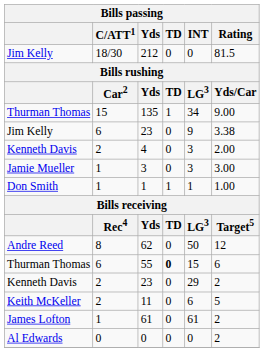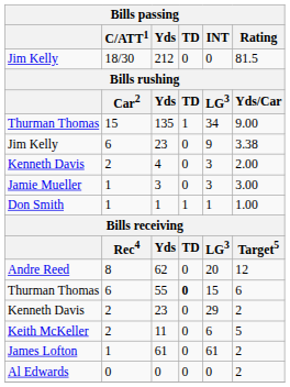 <table class="wikitable">
 <tr>
 <th colspan="6">Bills passing</th>
 </tr>
 <tr>
 <th></th>
 <th>C/ATT<sup>1</sup></th>
 <th>Yds</th>
 <th>TD</th>
 <th>INT</th>
 <th>Rating</th>
 </tr>
 <tr>
 <td><a href='#'>Jim Kelly</a></td>
 <td>18/30</td>
 <td>212</td>
 <td>0</td>
 <td>0</td>
 <td>81.5</td>
 </tr>
 <tr>
 <th colspan="6">Bills rushing</th>
 </tr>
 <tr>
 <th></th>
 <th>Car<sup>2</sup></th>
 <th>Yds</th>
 <th>TD</th>
 <th>LG<sup>3</sup></th>
 <th>Yds/Car</th>
 </tr>
 <tr>
 <td><a href='#'>Thurman Thomas</a></td>
 <td>15</td>
 <td>135</td>
 <td>1</td>
 <td>34</td>
 <td>9.00</td>
 </tr>
 <tr>
 <td>Jim Kelly</td>
 <td>6</td>
 <td>23</td>
 <td>0</td>
 <td>9</td>
 <td>3.38</td>
 </tr>
 <tr>
 <td><a href='#'>Kenneth Davis</a></td>
 <td>2</td>
 <td>4</td>
 <td>0</td>
 <td>3</td>
 <td>2.00</td>
 </tr>
 <tr>
 <td><a href='#'>Jamie Mueller</a></td>
 <td>1</td>
 <td>3</td>
 <td>0</td>
 <td>3</td>
 <td>3.00</td>
 </tr>
 <tr>
 <td><a href='#'>Don Smith</a></td>
 <td>1</td>
 <td>1</td>
 <td>1</td>
 <td>1</td>
 <td>1.00</td>
 </tr>
 <tr>
 <th colspan="6">Bills receiving</th>
 </tr>
 <tr>
 <th></th>
 <th>Rec<sup>4</sup></th>
 <th>Yds</th>
 <th>TD</th>
 <th>LG<sup>3</sup></th>
 <th>Target<sup>5</sup></th>
 </tr>
 <tr>
 <td><a href='#'>Andre Reed</a></td>
 <td>8</td>
 <td>62</td>
 <td>0</td>
-<td>50</td>
+<td>20</td>
 <td>12</td>
 </tr>
 <tr>
 <td>Thurman Thomas</td>
 <td>6</td>
 <td>55</td>
 <td><strong>0</strong></td>
 <td>15</td>
 <td>6</td>
 </tr>
 <tr>
 <td>Kenneth Davis</td>
 <td>2</td>
 <td>23</td>
 <td>0</td>
 <td>29</td>
 <td>2</td>
 </tr>
 <tr>
 <td><a href='#'>Keith McKeller</a></td>
 <td>2</td>
 <td>11</td>
 <td>0</td>
 <td>6</td>
 <td>5</td>
 </tr>
 <tr>
 <td><a href='#'>James Lofton</a></td>
 <td>1</td>
 <td>61</td>
 <td>0</td>
 <td>61</td>
 <td>2</td>
 </tr>
 <tr>
 <td><a href='#'>Al Edwards</a></td>
 <td>0</td>
 <td>0</td>
 <td>0</td>
 <td>0</td>
 <td>2</td>
 </tr>
 <tr>
 </tr>
 </table>
